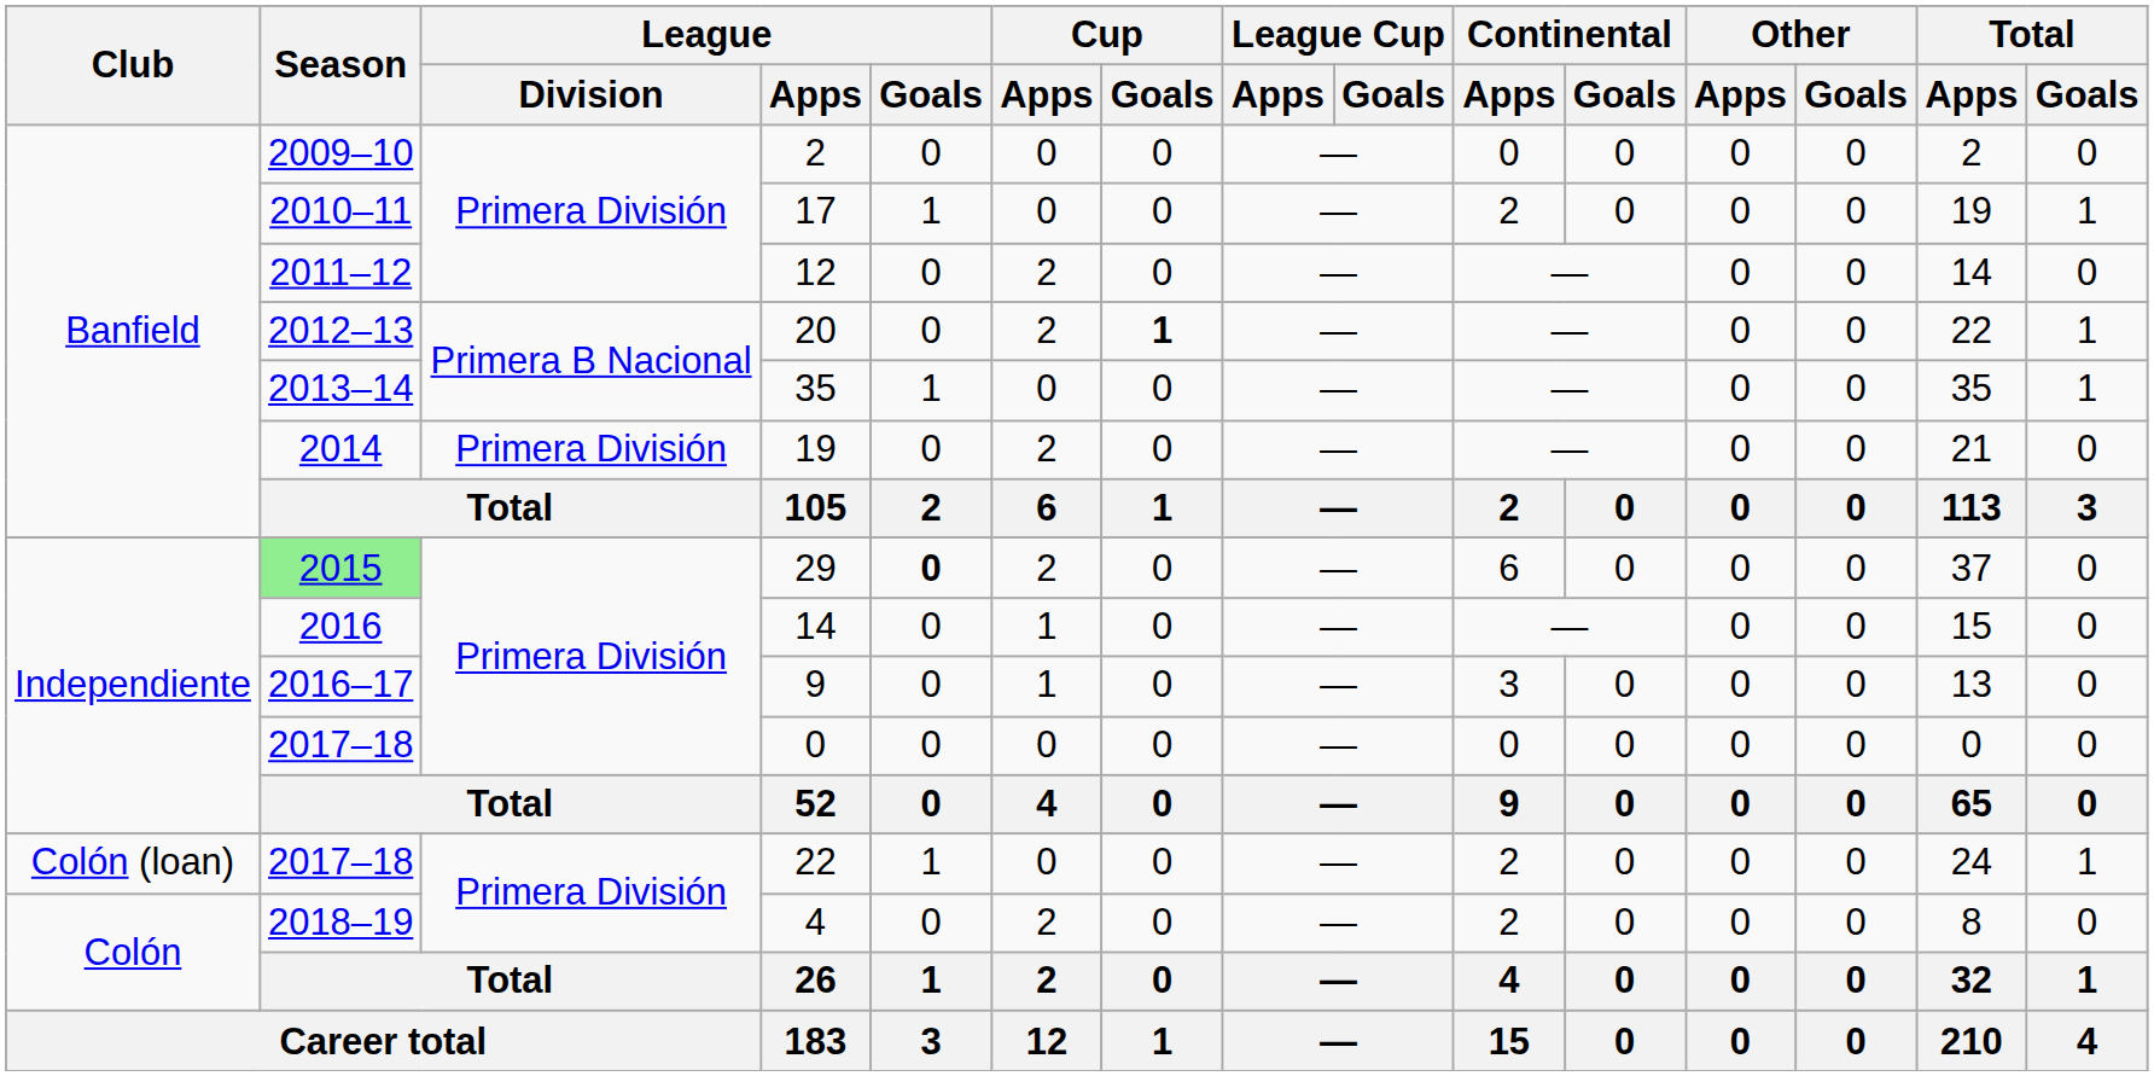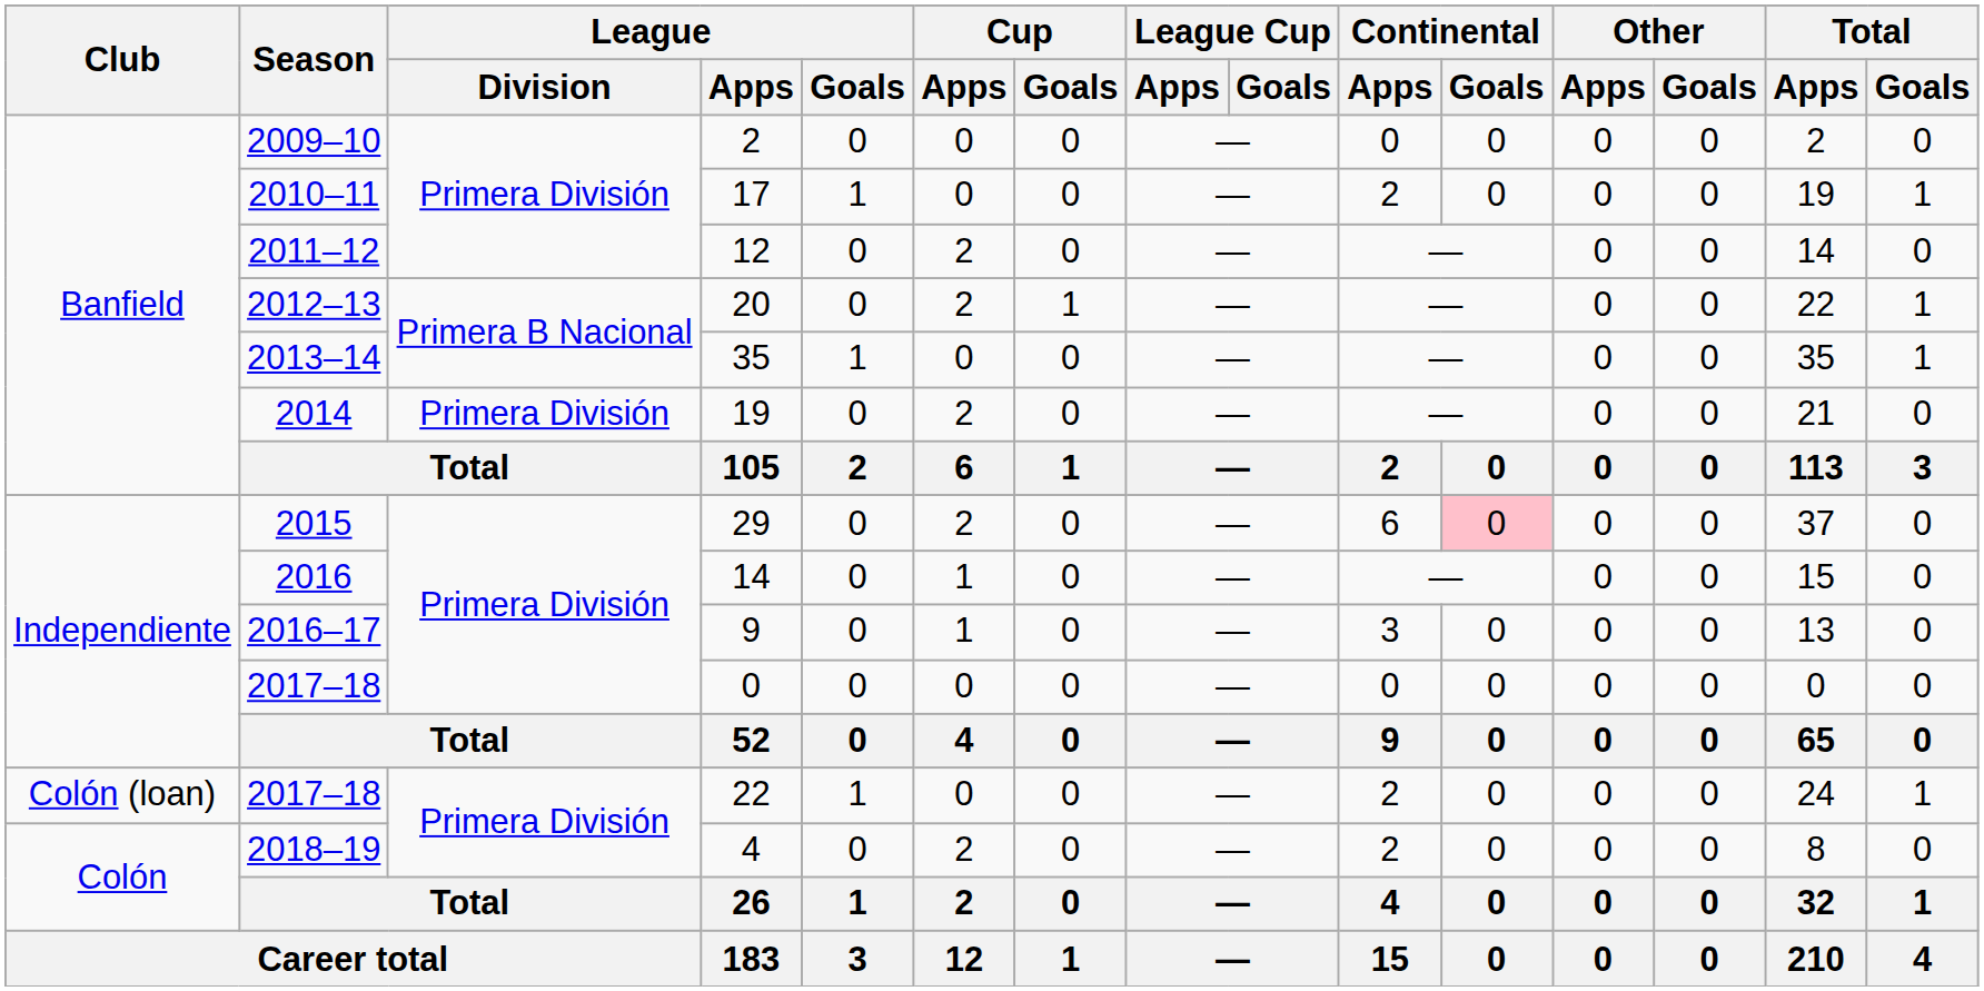 <table class="wikitable" style="text-align:center">
 <tr>
 <th rowspan="2">Club</th>
 <th rowspan="2">Season</th>
 <th colspan="3">League</th>
 <th colspan="2">Cup</th>
 <th colspan="2">League Cup</th>
 <th colspan="2">Continental</th>
 <th colspan="2">Other</th>
 <th colspan="2">Total</th>
 </tr>
 <tr>
 <th>Division</th>
 <th>Apps</th>
 <th>Goals</th>
 <th>Apps</th>
 <th>Goals</th>
 <th>Apps</th>
 <th>Goals</th>
 <th>Apps</th>
 <th>Goals</th>
 <th>Apps</th>
 <th>Goals</th>
 <th>Apps</th>
 <th>Goals</th>
 </tr>
 <tr>
 <td rowspan="7"><a href='#'>Banfield</a></td>
 <td><a href='#'>2009–10</a></td>
 <td rowspan="3"><a href='#'>Primera División</a></td>
 <td>2</td>
 <td>0</td>
 <td>0</td>
 <td>0</td>
 <td colspan="2">—</td>
 <td>0</td>
 <td>0</td>
 <td>0</td>
 <td>0</td>
 <td>2</td>
 <td>0</td>
 </tr>
 <tr>
 <td><a href='#'>2010–11</a></td>
 <td>17</td>
 <td>1</td>
 <td>0</td>
 <td>0</td>
 <td colspan="2">—</td>
 <td>2</td>
 <td>0</td>
 <td>0</td>
 <td>0</td>
 <td>19</td>
 <td>1</td>
 </tr>
 <tr>
 <td><a href='#'>2011–12</a></td>
 <td>12</td>
 <td>0</td>
 <td>2</td>
 <td>0</td>
 <td colspan="2">—</td>
 <td colspan="2">—</td>
 <td>0</td>
 <td>0</td>
 <td>14</td>
 <td>0</td>
 </tr>
 <tr>
 <td><a href='#'>2012–13</a></td>
 <td rowspan="2"><a href='#'>Primera B Nacional</a></td>
 <td>20</td>
 <td>0</td>
 <td>2</td>
-<td><strong>1</strong></td>
+<td>1</td>
 <td colspan="2">—</td>
 <td colspan="2">—</td>
 <td>0</td>
 <td>0</td>
 <td>22</td>
 <td>1</td>
 </tr>
 <tr>
 <td><a href='#'>2013–14</a></td>
 <td>35</td>
 <td>1</td>
 <td>0</td>
 <td>0</td>
 <td colspan="2">—</td>
 <td colspan="2">—</td>
 <td>0</td>
 <td>0</td>
 <td>35</td>
 <td>1</td>
 </tr>
 <tr>
 <td><a href='#'>2014</a></td>
 <td rowspan="1"><a href='#'>Primera División</a></td>
 <td>19</td>
 <td>0</td>
 <td>2</td>
 <td>0</td>
 <td colspan="2">—</td>
 <td colspan="2">—</td>
 <td>0</td>
 <td>0</td>
 <td>21</td>
 <td>0</td>
 </tr>
 <tr>
 <th colspan="2">Total</th>
 <th>105</th>
 <th>2</th>
 <th>6</th>
 <th>1</th>
 <th colspan="2">—</th>
 <th>2</th>
 <th>0</th>
 <th>0</th>
 <th>0</th>
 <th>113</th>
 <th>3</th>
 </tr>
 <tr>
 <td rowspan="5"><a href='#'>Independiente</a></td>
-<td style="background: lightgreen;"><a href='#'>2015</a></td>
+<td><a href='#'>2015</a></td>
 <td rowspan="4"><a href='#'>Primera División</a></td>
 <td>29</td>
-<td><strong>0</strong></td>
+<td>0</td>
 <td>2</td>
 <td>0</td>
 <td colspan="2">—</td>
 <td>6</td>
-<td>0</td>
+<td style="background: pink;">0</td>
 <td>0</td>
 <td>0</td>
 <td>37</td>
 <td>0</td>
 </tr>
 <tr>
 <td><a href='#'>2016</a></td>
 <td>14</td>
 <td>0</td>
 <td>1</td>
 <td>0</td>
 <td colspan="2">—</td>
 <td colspan="2">—</td>
 <td>0</td>
 <td>0</td>
 <td>15</td>
 <td>0</td>
 </tr>
 <tr>
 <td><a href='#'>2016–17</a></td>
 <td>9</td>
 <td>0</td>
 <td>1</td>
 <td>0</td>
 <td colspan="2">—</td>
 <td>3</td>
 <td>0</td>
 <td>0</td>
 <td>0</td>
 <td>13</td>
 <td>0</td>
 </tr>
 <tr>
 <td><a href='#'>2017–18</a></td>
 <td>0</td>
 <td>0</td>
 <td>0</td>
 <td>0</td>
 <td colspan="2">—</td>
 <td>0</td>
 <td>0</td>
 <td>0</td>
 <td>0</td>
 <td>0</td>
 <td>0</td>
 </tr>
 <tr>
 <th colspan="2">Total</th>
 <th>52</th>
 <th>0</th>
 <th>4</th>
 <th>0</th>
 <th colspan="2">—</th>
 <th>9</th>
 <th>0</th>
 <th>0</th>
 <th>0</th>
 <th>65</th>
 <th>0</th>
 </tr>
 <tr>
 <td rowspan="1"><a href='#'>Colón</a> (loan)</td>
 <td><a href='#'>2017–18</a></td>
 <td rowspan="2"><a href='#'>Primera División</a></td>
 <td>22</td>
 <td>1</td>
 <td>0</td>
 <td>0</td>
 <td colspan="2">—</td>
 <td>2</td>
 <td>0</td>
 <td>0</td>
 <td>0</td>
 <td>24</td>
 <td>1</td>
 </tr>
 <tr>
 <td rowspan="2"><a href='#'>Colón</a></td>
 <td><a href='#'>2018–19</a></td>
 <td>4</td>
 <td>0</td>
 <td>2</td>
 <td>0</td>
 <td colspan="2">—</td>
 <td>2</td>
 <td>0</td>
 <td>0</td>
 <td>0</td>
 <td>8</td>
 <td>0</td>
 </tr>
 <tr>
 <th colspan="2">Total</th>
 <th>26</th>
 <th>1</th>
 <th>2</th>
 <th>0</th>
 <th colspan="2">—</th>
 <th>4</th>
 <th>0</th>
 <th>0</th>
 <th>0</th>
 <th>32</th>
 <th>1</th>
 </tr>
 <tr>
 <th colspan="3">Career total</th>
 <th>183</th>
 <th>3</th>
 <th>12</th>
 <th>1</th>
 <th colspan="2">—</th>
 <th>15</th>
 <th>0</th>
 <th>0</th>
 <th>0</th>
 <th>210</th>
 <th>4</th>
 </tr>
 </table>
